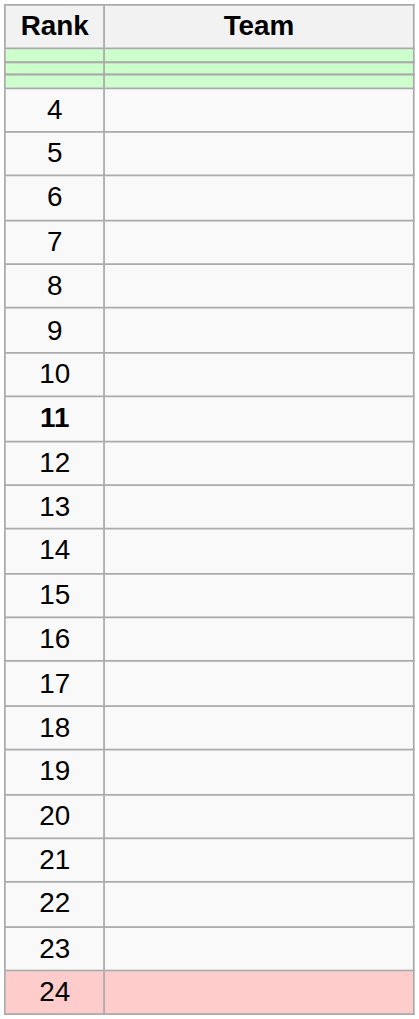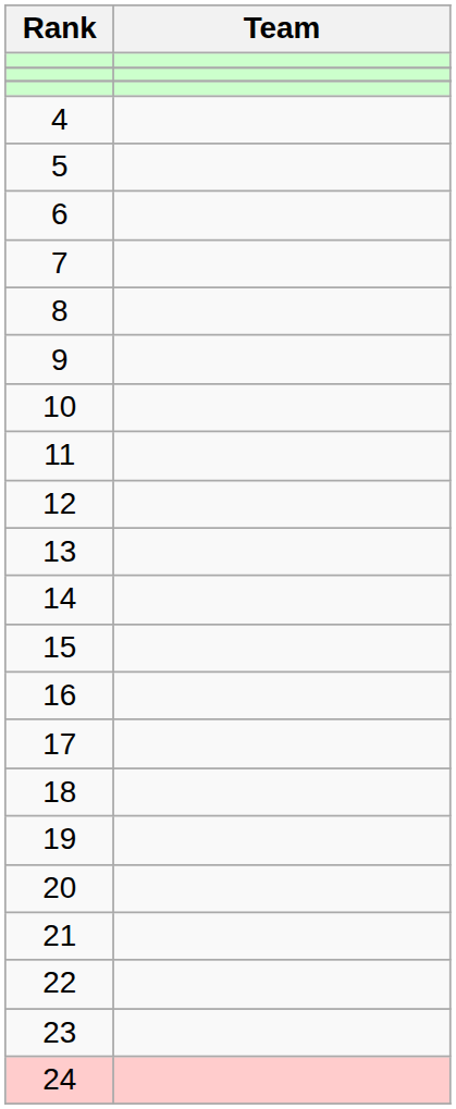 <table class="wikitable" style="text-align: center">
 <tr>
 <th width=50>Rank</th>
 <th width=170>Team</th>
 </tr>
 <tr bgcolor=#ccffcc>
 <td></td>
 <td align=left></td>
 </tr>
 <tr>
 </tr>
 <tr bgcolor=#ccffcc>
 <td></td>
 <td align=left></td>
 </tr>
 <tr>
 </tr>
 <tr bgcolor=#ccffcc>
 <td></td>
 <td align=left></td>
 </tr>
 <tr>
 <td>4</td>
 <td align=left></td>
 </tr>
 <tr>
 <td>5</td>
 <td align=left></td>
 </tr>
 <tr>
 <td>6</td>
 <td align=left></td>
 </tr>
 <tr>
 <td>7</td>
 <td align=left></td>
 </tr>
 <tr>
 <td>8</td>
 <td align=left></td>
 </tr>
 <tr>
 <td>9</td>
 <td align=left></td>
 </tr>
 <tr>
 <td>10</td>
 <td align=left></td>
 </tr>
 <tr>
-<td><strong>11</strong></td>
+<td>11</td>
 <td align=left></td>
 </tr>
 <tr>
 <td>12</td>
 <td align=left></td>
 </tr>
 <tr>
 <td>13</td>
 <td align=left></td>
 </tr>
 <tr>
 <td>14</td>
 <td align=left></td>
 </tr>
 <tr>
 <td>15</td>
 <td align=left></td>
 </tr>
 <tr>
 <td>16</td>
 <td align=left></td>
 </tr>
 <tr>
 <td>17</td>
 <td align=left></td>
 </tr>
 <tr>
 <td>18</td>
 <td align=left></td>
 </tr>
 <tr>
 <td>19</td>
 <td align=left></td>
 </tr>
 <tr>
 <td>20</td>
 <td align=left></td>
 </tr>
 <tr>
 <td>21</td>
 <td align=left></td>
 </tr>
 <tr>
 <td>22</td>
 <td align=left></td>
 </tr>
 <tr>
 <td>23</td>
 <td align=left></td>
 </tr>
 <tr bgcolor=#ffcccc>
 <td>24</td>
 <td align=left></td>
 </tr>
 </table>
